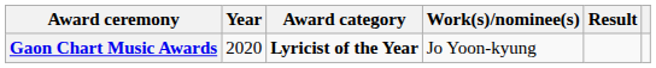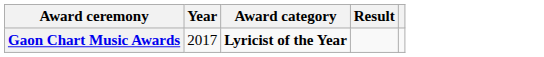 <table class="wikitable sortable plainrowheaders">
 <tr>
 <th scope="col">Award ceremony</th>
 <th scope="col">Year</th>
 <th scope="col">Award category</th>
-<th scope="col">Work(s)/nominee(s)</th>
 <th scope="col">Result</th>
 <th scope="col" class="unsortable"></th>
 </tr>
 <tr>
 <th scope="row"><a href='#'>Gaon Chart Music Awards</a></th>
-<td>2020</td>
+<td>2017</td>
 <td><strong>Lyricist of the Year</strong></td>
-<td>Jo Yoon-kyung</td>
 <td></td>
 <td style="text-align:center;"></td>
 </tr>
 </table>
